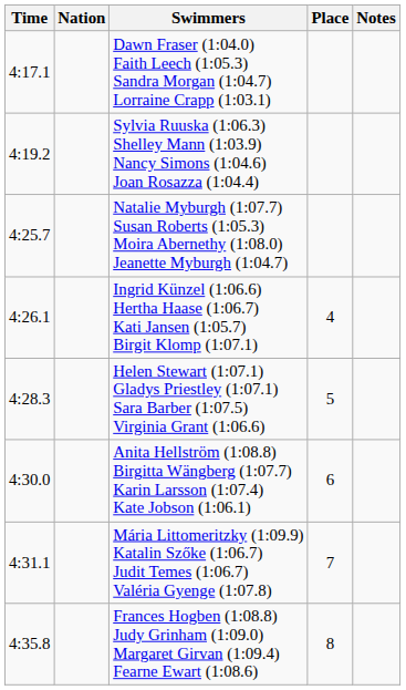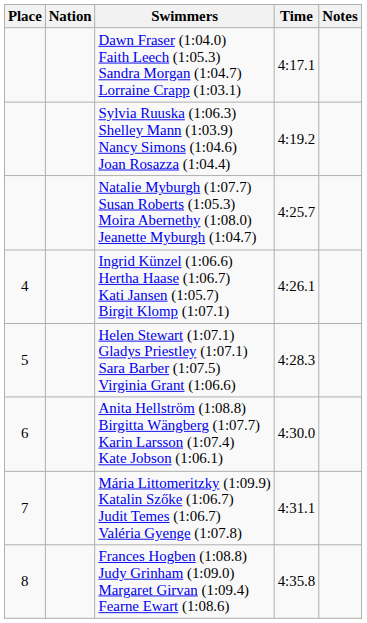 <table class="wikitable sortable" style="text-align:center">
 <tr>
-<th>Time</th>
+<th>Place</th>
 <th>Nation</th>
 <th>Swimmers</th>
-<th>Place</th>
+<th>Time</th>
 <th>Notes</th>
 </tr>
 <tr>
-<td>4:17.1</td>
+<td></td>
 <td align=left></td>
 <td align=left><a href='#'>Dawn Fraser</a> (1:04.0) <br> <a href='#'>Faith Leech</a> (1:05.3) <br> <a href='#'>Sandra Morgan</a> (1:04.7) <br> <a href='#'>Lorraine Crapp</a> (1:03.1)</td>
-<td></td>
+<td>4:17.1</td>
 <td></td>
 </tr>
 <tr>
-<td>4:19.2</td>
+<td></td>
 <td align=left></td>
 <td align=left><a href='#'>Sylvia Ruuska</a> (1:06.3) <br> <a href='#'>Shelley Mann</a> (1:03.9) <br> <a href='#'>Nancy Simons</a> (1:04.6) <br> <a href='#'>Joan Rosazza</a> (1:04.4)</td>
-<td></td>
+<td>4:19.2</td>
 <td></td>
 </tr>
 <tr>
-<td>4:25.7</td>
+<td></td>
 <td align=left></td>
 <td align=left><a href='#'>Natalie Myburgh</a> (1:07.7) <br> <a href='#'>Susan Roberts</a> (1:05.3) <br> <a href='#'>Moira Abernethy</a> (1:08.0) <br> <a href='#'>Jeanette Myburgh</a> (1:04.7)</td>
-<td></td>
+<td>4:25.7</td>
 <td></td>
 </tr>
 <tr>
-<td>4:26.1</td>
+<td>4</td>
 <td align=left></td>
 <td align=left><a href='#'>Ingrid Künzel</a> (1:06.6) <br> <a href='#'>Hertha Haase</a> (1:06.7) <br> <a href='#'>Kati Jansen</a> (1:05.7) <br> <a href='#'>Birgit Klomp</a> (1:07.1)</td>
-<td>4</td>
+<td>4:26.1</td>
 <td></td>
 </tr>
 <tr>
-<td>4:28.3</td>
+<td>5</td>
 <td align=left></td>
 <td align=left><a href='#'>Helen Stewart</a> (1:07.1) <br> <a href='#'>Gladys Priestley</a> (1:07.1) <br> <a href='#'>Sara Barber</a> (1:07.5) <br> <a href='#'>Virginia Grant</a> (1:06.6)</td>
-<td>5</td>
+<td>4:28.3</td>
 <td></td>
 </tr>
 <tr>
-<td>4:30.0</td>
+<td>6</td>
 <td align=left></td>
 <td align=left><a href='#'>Anita Hellström</a> (1:08.8) <br> <a href='#'>Birgitta Wängberg</a> (1:07.7) <br> <a href='#'>Karin Larsson</a> (1:07.4) <br> <a href='#'>Kate Jobson</a> (1:06.1)</td>
-<td>6</td>
+<td>4:30.0</td>
 <td></td>
 </tr>
 <tr>
-<td>4:31.1</td>
+<td>7</td>
 <td align=left></td>
 <td align=left><a href='#'>Mária Littomeritzky</a> (1:09.9) <br> <a href='#'>Katalin Szőke</a> (1:06.7) <br> <a href='#'>Judit Temes</a> (1:06.7) <br> <a href='#'>Valéria Gyenge</a> (1:07.8)</td>
-<td>7</td>
+<td>4:31.1</td>
 <td></td>
 </tr>
 <tr>
-<td>4:35.8</td>
+<td>8</td>
 <td align=left></td>
 <td align=left><a href='#'>Frances Hogben</a> (1:08.8) <br> <a href='#'>Judy Grinham</a> (1:09.0) <br> <a href='#'>Margaret Girvan</a> (1:09.4) <br> <a href='#'>Fearne Ewart</a> (1:08.6)</td>
-<td>8</td>
+<td>4:35.8</td>
 <td></td>
 </tr>
 </table>
